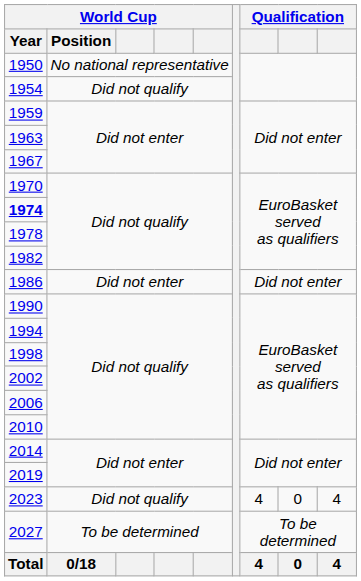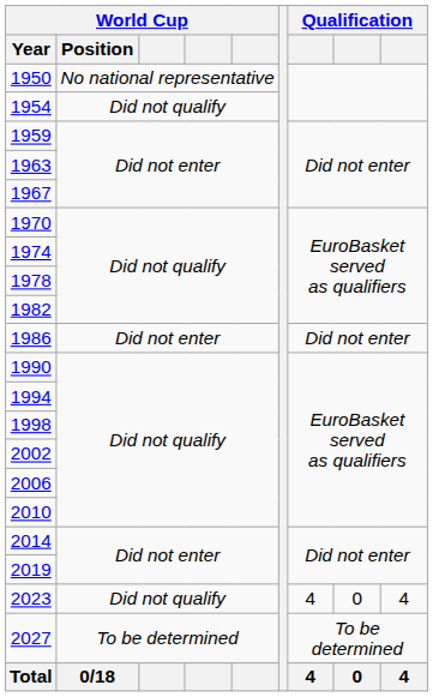 <table class="wikitable" style="text-align: center;font-size:90%;">
 <tr>
 <th colspan=5><a href='#'>World Cup</a></th>
 <th rowspan=23></th>
 <th colspan=3><a href='#'>Qualification</a></th>
 </tr>
 <tr>
 <th>Year</th>
 <th>Position</th>
 <th width=30></th>
 <th width=30></th>
 <th width=30></th>
 <th width=30></th>
 <th width=30></th>
 <th width=30></th>
 </tr>
 <tr>
 <td> <a href='#'>1950</a></td>
 <td colspan=4><em>No national representative</em></td>
 </tr>
 <tr>
 <td> <a href='#'>1954</a></td>
 <td colspan=4><em>Did not qualify</em></td>
 </tr>
 <tr>
 <td> <a href='#'>1959</a></td>
 <td colspan=4 rowspan=3><em>Did not enter</em></td>
 <td colspan=3 rowspan=3><em>Did not enter</em></td>
 </tr>
 <tr>
 <td> <a href='#'>1963</a></td>
 </tr>
 <tr>
 <td> <a href='#'>1967</a></td>
 </tr>
 <tr>
 <td> <a href='#'>1970</a></td>
 <td colspan=4 rowspan=4><em>Did not qualify</em></td>
 <td colspan=3 rowspan=4><em>EuroBasket served<br>as qualifiers</em></td>
 </tr>
 <tr>
-<td><strong> <a href='#'>1974</a></strong></td>
+<td> <a href='#'>1974</a></td>
 </tr>
 <tr>
 <td> <a href='#'>1978</a></td>
 </tr>
 <tr>
 <td> <a href='#'>1982</a></td>
 </tr>
 <tr>
 <td> <a href='#'>1986</a></td>
 <td colspan=4><em>Did not enter</em></td>
 <td colspan=3><em>Did not enter</em></td>
 </tr>
 <tr>
 <td> <a href='#'>1990</a></td>
 <td colspan=4 rowspan=6><em>Did not qualify</em></td>
 <td colspan=3 rowspan=6><em>EuroBasket served<br>as qualifiers</em></td>
 </tr>
 <tr>
 <td> <a href='#'>1994</a></td>
 </tr>
 <tr>
 <td> <a href='#'>1998</a></td>
 </tr>
 <tr>
 <td> <a href='#'>2002</a></td>
 </tr>
 <tr>
 <td> <a href='#'>2006</a></td>
 </tr>
 <tr>
 <td> <a href='#'>2010</a></td>
 </tr>
 <tr>
 <td> <a href='#'>2014</a></td>
 <td colspan=4 rowspan=2><em>Did not enter</em></td>
 <td colspan=3 rowspan=2><em>Did not enter</em></td>
 </tr>
 <tr>
 <td> <a href='#'>2019</a></td>
 </tr>
 <tr>
 <td> <a href='#'>2023</a></td>
 <td colspan=4><em>Did not qualify</em></td>
 <td>4</td>
 <td>0</td>
 <td>4</td>
 </tr>
 <tr>
 <td> <a href='#'>2027</a></td>
 <td colspan=4><em>To be determined</em></td>
 <td colspan=3><em>To be determined</em></td>
 </tr>
 <tr>
 <th>Total</th>
 <th>0/18</th>
 <th></th>
 <th></th>
 <th></th>
 <th>4</th>
 <th>0</th>
 <th>4</th>
 </tr>
 </table>
